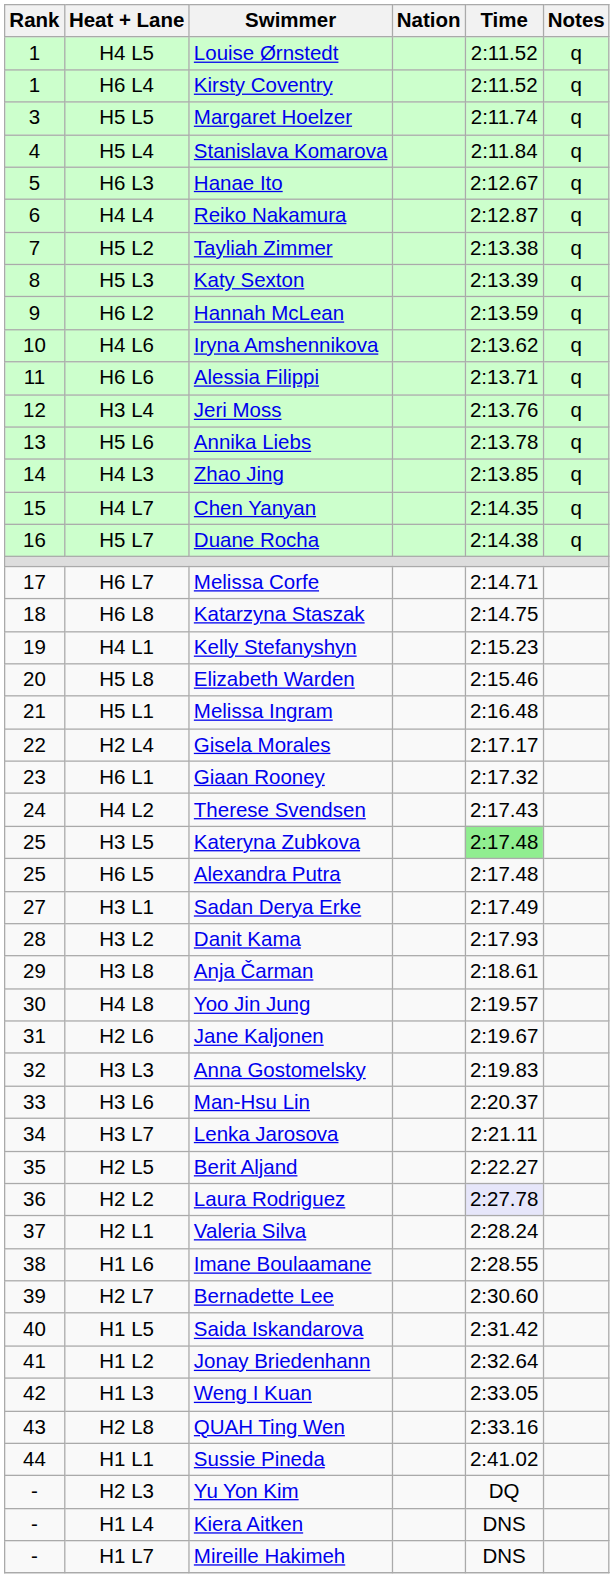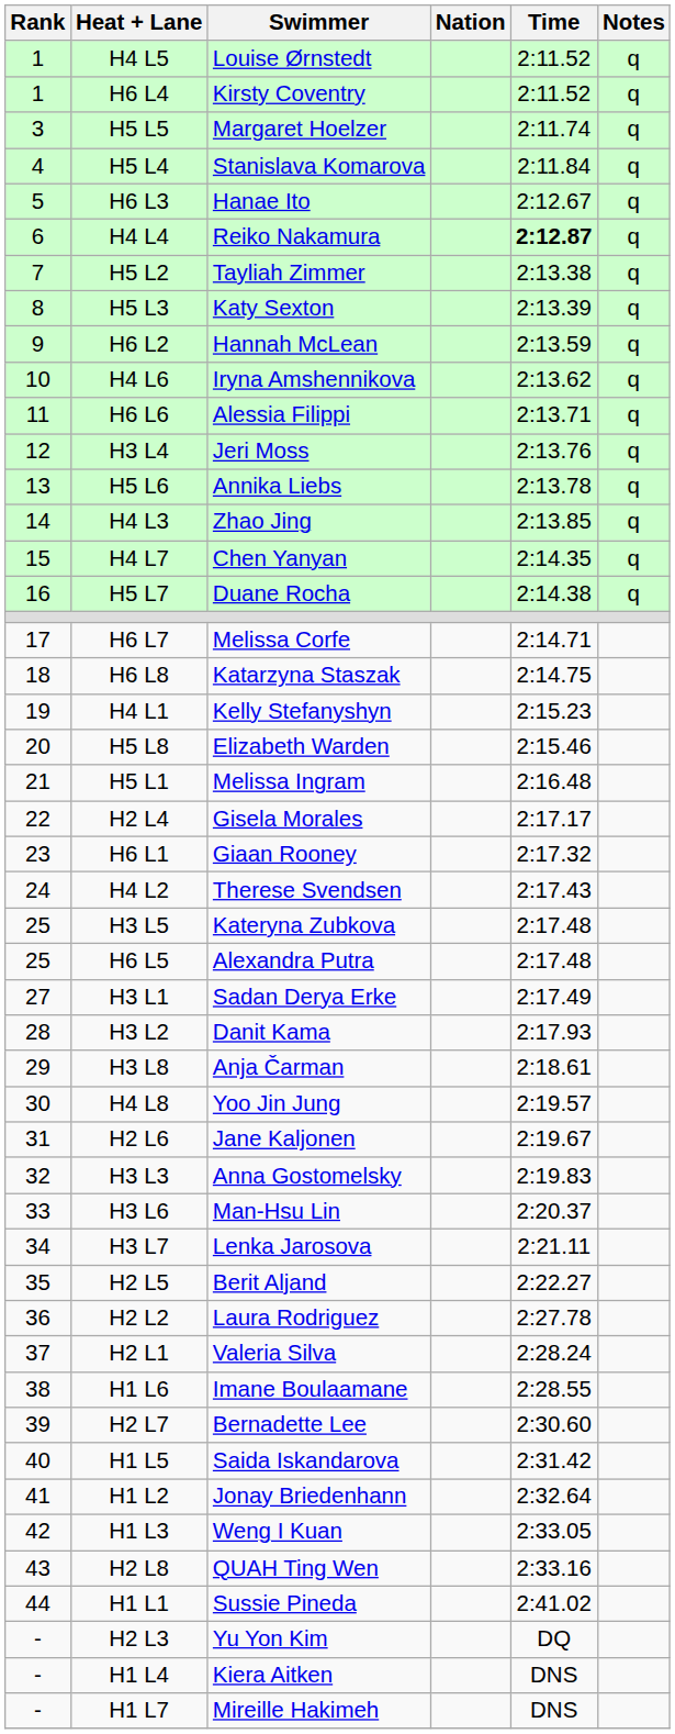 <table class="wikitable sortable" style="text-align:center">
 <tr>
 <th>Rank</th>
 <th>Heat + Lane</th>
 <th>Swimmer</th>
 <th>Nation</th>
 <th>Time</th>
 <th>Notes</th>
 </tr>
 <tr bgcolor=ccffcc>
 <td>1</td>
 <td>H4 L5</td>
 <td align=left><a href='#'>Louise Ørnstedt</a></td>
 <td align=left></td>
 <td>2:11.52</td>
 <td>q</td>
 </tr>
 <tr bgcolor=ccffcc>
 <td>1</td>
 <td>H6 L4</td>
 <td align=left><a href='#'>Kirsty Coventry</a></td>
 <td align=left></td>
 <td>2:11.52</td>
 <td>q</td>
 </tr>
 <tr bgcolor=ccffcc>
 <td>3</td>
 <td>H5 L5</td>
 <td align=left><a href='#'>Margaret Hoelzer</a></td>
 <td align=left></td>
 <td>2:11.74</td>
 <td>q</td>
 </tr>
 <tr bgcolor=ccffcc>
 <td>4</td>
 <td>H5 L4</td>
 <td align=left><a href='#'>Stanislava Komarova</a></td>
 <td align=left></td>
 <td>2:11.84</td>
 <td>q</td>
 </tr>
 <tr bgcolor=ccffcc>
 <td>5</td>
 <td>H6 L3</td>
 <td align=left><a href='#'>Hanae Ito</a></td>
 <td align=left></td>
 <td>2:12.67</td>
 <td>q</td>
 </tr>
 <tr bgcolor=ccffcc>
 <td>6</td>
 <td>H4 L4</td>
 <td align=left><a href='#'>Reiko Nakamura</a></td>
 <td align=left></td>
-<td>2:12.87</td>
+<td><strong>2:12.87</strong></td>
 <td>q</td>
 </tr>
 <tr bgcolor=ccffcc>
 <td>7</td>
 <td>H5 L2</td>
 <td align=left><a href='#'>Tayliah Zimmer</a></td>
 <td align=left></td>
 <td>2:13.38</td>
 <td>q</td>
 </tr>
 <tr bgcolor=ccffcc>
 <td>8</td>
 <td>H5 L3</td>
 <td align=left><a href='#'>Katy Sexton</a></td>
 <td align=left></td>
 <td>2:13.39</td>
 <td>q</td>
 </tr>
 <tr bgcolor=ccffcc>
 <td>9</td>
 <td>H6 L2</td>
 <td align=left><a href='#'>Hannah McLean</a></td>
 <td align=left></td>
 <td>2:13.59</td>
 <td>q</td>
 </tr>
 <tr bgcolor=ccffcc>
 <td>10</td>
 <td>H4 L6</td>
 <td align=left><a href='#'>Iryna Amshennikova</a></td>
 <td align=left></td>
 <td>2:13.62</td>
 <td>q</td>
 </tr>
 <tr bgcolor=ccffcc>
 <td>11</td>
 <td>H6 L6</td>
 <td align=left><a href='#'>Alessia Filippi</a></td>
 <td align=left></td>
 <td>2:13.71</td>
 <td>q</td>
 </tr>
 <tr bgcolor=ccffcc>
 <td>12</td>
 <td>H3 L4</td>
 <td align=left><a href='#'>Jeri Moss</a></td>
 <td align=left></td>
 <td>2:13.76</td>
 <td>q</td>
 </tr>
 <tr bgcolor=ccffcc>
 <td>13</td>
 <td>H5 L6</td>
 <td align=left><a href='#'>Annika Liebs</a></td>
 <td align=left></td>
 <td>2:13.78</td>
 <td>q</td>
 </tr>
 <tr bgcolor=ccffcc>
 <td>14</td>
 <td>H4 L3</td>
 <td align=left><a href='#'>Zhao Jing</a></td>
 <td align=left></td>
 <td>2:13.85</td>
 <td>q</td>
 </tr>
 <tr bgcolor=ccffcc>
 <td>15</td>
 <td>H4 L7</td>
 <td align=left><a href='#'>Chen Yanyan</a></td>
 <td align=left></td>
 <td>2:14.35</td>
 <td>q</td>
 </tr>
 <tr bgcolor=ccffcc>
 <td>16</td>
 <td>H5 L7</td>
 <td align=left><a href='#'>Duane Rocha</a></td>
 <td align=left></td>
 <td>2:14.38</td>
 <td>q</td>
 </tr>
 <tr bgcolor=#DDDDDD>
 <td colspan=6></td>
 </tr>
 <tr>
 <td>17</td>
 <td>H6 L7</td>
 <td align=left><a href='#'>Melissa Corfe</a></td>
 <td align=left></td>
 <td>2:14.71</td>
 <td></td>
 </tr>
 <tr>
 <td>18</td>
 <td>H6 L8</td>
 <td align=left><a href='#'>Katarzyna Staszak</a></td>
 <td align=left></td>
 <td>2:14.75</td>
 <td></td>
 </tr>
 <tr>
 <td>19</td>
 <td>H4 L1</td>
 <td align=left><a href='#'>Kelly Stefanyshyn</a></td>
 <td align=left></td>
 <td>2:15.23</td>
 <td></td>
 </tr>
 <tr>
 <td>20</td>
 <td>H5 L8</td>
 <td align=left><a href='#'>Elizabeth Warden</a></td>
 <td align=left></td>
 <td>2:15.46</td>
 <td></td>
 </tr>
 <tr>
 <td>21</td>
 <td>H5 L1</td>
 <td align=left><a href='#'>Melissa Ingram</a></td>
 <td align=left></td>
 <td>2:16.48</td>
 <td></td>
 </tr>
 <tr>
 <td>22</td>
 <td>H2 L4</td>
 <td align=left><a href='#'>Gisela Morales</a></td>
 <td align=left></td>
 <td>2:17.17</td>
 <td></td>
 </tr>
 <tr>
 <td>23</td>
 <td>H6 L1</td>
 <td align=left><a href='#'>Giaan Rooney</a></td>
 <td align=left></td>
 <td>2:17.32</td>
 <td></td>
 </tr>
 <tr>
 <td>24</td>
 <td>H4 L2</td>
 <td align=left><a href='#'>Therese Svendsen</a></td>
 <td align=left></td>
 <td>2:17.43</td>
 <td></td>
 </tr>
 <tr>
 <td>25</td>
 <td>H3 L5</td>
 <td align=left><a href='#'>Kateryna Zubkova</a></td>
 <td align=left></td>
-<td style="background: lightgreen;">2:17.48</td>
+<td>2:17.48</td>
 <td></td>
 </tr>
 <tr>
 <td>25</td>
 <td>H6 L5</td>
 <td align=left><a href='#'>Alexandra Putra</a></td>
 <td align=left></td>
 <td>2:17.48</td>
 <td></td>
 </tr>
 <tr>
 <td>27</td>
 <td>H3 L1</td>
 <td align=left><a href='#'>Sadan Derya Erke</a></td>
 <td align=left></td>
 <td>2:17.49</td>
 <td></td>
 </tr>
 <tr>
 <td>28</td>
 <td>H3 L2</td>
 <td align=left><a href='#'>Danit Kama</a></td>
 <td align=left></td>
 <td>2:17.93</td>
 <td></td>
 </tr>
 <tr>
 <td>29</td>
 <td>H3 L8</td>
 <td align=left><a href='#'>Anja Čarman</a></td>
 <td align=left></td>
 <td>2:18.61</td>
 <td></td>
 </tr>
 <tr>
 <td>30</td>
 <td>H4 L8</td>
 <td align=left><a href='#'>Yoo Jin Jung</a></td>
 <td align=left></td>
 <td>2:19.57</td>
 <td></td>
 </tr>
 <tr>
 <td>31</td>
 <td>H2 L6</td>
 <td align=left><a href='#'>Jane Kaljonen</a></td>
 <td align=left></td>
 <td>2:19.67</td>
 <td></td>
 </tr>
 <tr>
 <td>32</td>
 <td>H3 L3</td>
 <td align=left><a href='#'>Anna Gostomelsky</a></td>
 <td align=left></td>
 <td>2:19.83</td>
 <td></td>
 </tr>
 <tr>
 <td>33</td>
 <td>H3 L6</td>
 <td align=left><a href='#'>Man-Hsu Lin</a></td>
 <td align=left></td>
 <td>2:20.37</td>
 <td></td>
 </tr>
 <tr>
 <td>34</td>
 <td>H3 L7</td>
 <td align=left><a href='#'>Lenka Jarosova</a></td>
 <td align=left></td>
 <td>2:21.11</td>
 <td></td>
 </tr>
 <tr>
 <td>35</td>
 <td>H2 L5</td>
 <td align=left><a href='#'>Berit Aljand</a></td>
 <td align=left></td>
 <td>2:22.27</td>
 <td></td>
 </tr>
 <tr>
 <td>36</td>
 <td>H2 L2</td>
 <td align=left><a href='#'>Laura Rodriguez</a></td>
 <td align=left></td>
-<td style="background: lavender;">2:27.78</td>
+<td>2:27.78</td>
 <td></td>
 </tr>
 <tr>
 <td>37</td>
 <td>H2 L1</td>
 <td align=left><a href='#'>Valeria Silva</a></td>
 <td align=left></td>
 <td>2:28.24</td>
 <td></td>
 </tr>
 <tr>
 <td>38</td>
 <td>H1 L6</td>
 <td align=left><a href='#'>Imane Boulaamane</a></td>
 <td align=left></td>
 <td>2:28.55</td>
 <td></td>
 </tr>
 <tr>
 <td>39</td>
 <td>H2 L7</td>
 <td align=left><a href='#'>Bernadette Lee</a></td>
 <td align=left></td>
 <td>2:30.60</td>
 <td></td>
 </tr>
 <tr>
 <td>40</td>
 <td>H1 L5</td>
 <td align=left><a href='#'>Saida Iskandarova</a></td>
 <td align=left></td>
 <td>2:31.42</td>
 <td></td>
 </tr>
 <tr>
 <td>41</td>
 <td>H1 L2</td>
 <td align=left><a href='#'>Jonay Briedenhann</a></td>
 <td align=left></td>
 <td>2:32.64</td>
 <td></td>
 </tr>
 <tr>
 <td>42</td>
 <td>H1 L3</td>
 <td align=left><a href='#'>Weng I Kuan</a></td>
 <td align=left></td>
 <td>2:33.05</td>
 <td></td>
 </tr>
 <tr>
 <td>43</td>
 <td>H2 L8</td>
 <td align=left><a href='#'>QUAH Ting Wen</a></td>
 <td align=left></td>
 <td>2:33.16</td>
 <td></td>
 </tr>
 <tr>
 <td>44</td>
 <td>H1 L1</td>
 <td align=left><a href='#'>Sussie Pineda</a></td>
 <td align=left></td>
 <td>2:41.02</td>
 <td></td>
 </tr>
 <tr>
 <td>-</td>
 <td>H2 L3</td>
 <td align=left><a href='#'>Yu Yon Kim</a></td>
 <td align=left></td>
 <td>DQ</td>
 <td></td>
 </tr>
 <tr>
 <td>-</td>
 <td>H1 L4</td>
 <td align=left><a href='#'>Kiera Aitken</a></td>
 <td align=left></td>
 <td>DNS</td>
 <td></td>
 </tr>
 <tr>
 <td>-</td>
 <td>H1 L7</td>
 <td align=left><a href='#'>Mireille Hakimeh</a></td>
 <td align=left></td>
 <td>DNS</td>
 <td></td>
 </tr>
 <tr>
 </tr>
 </table>
